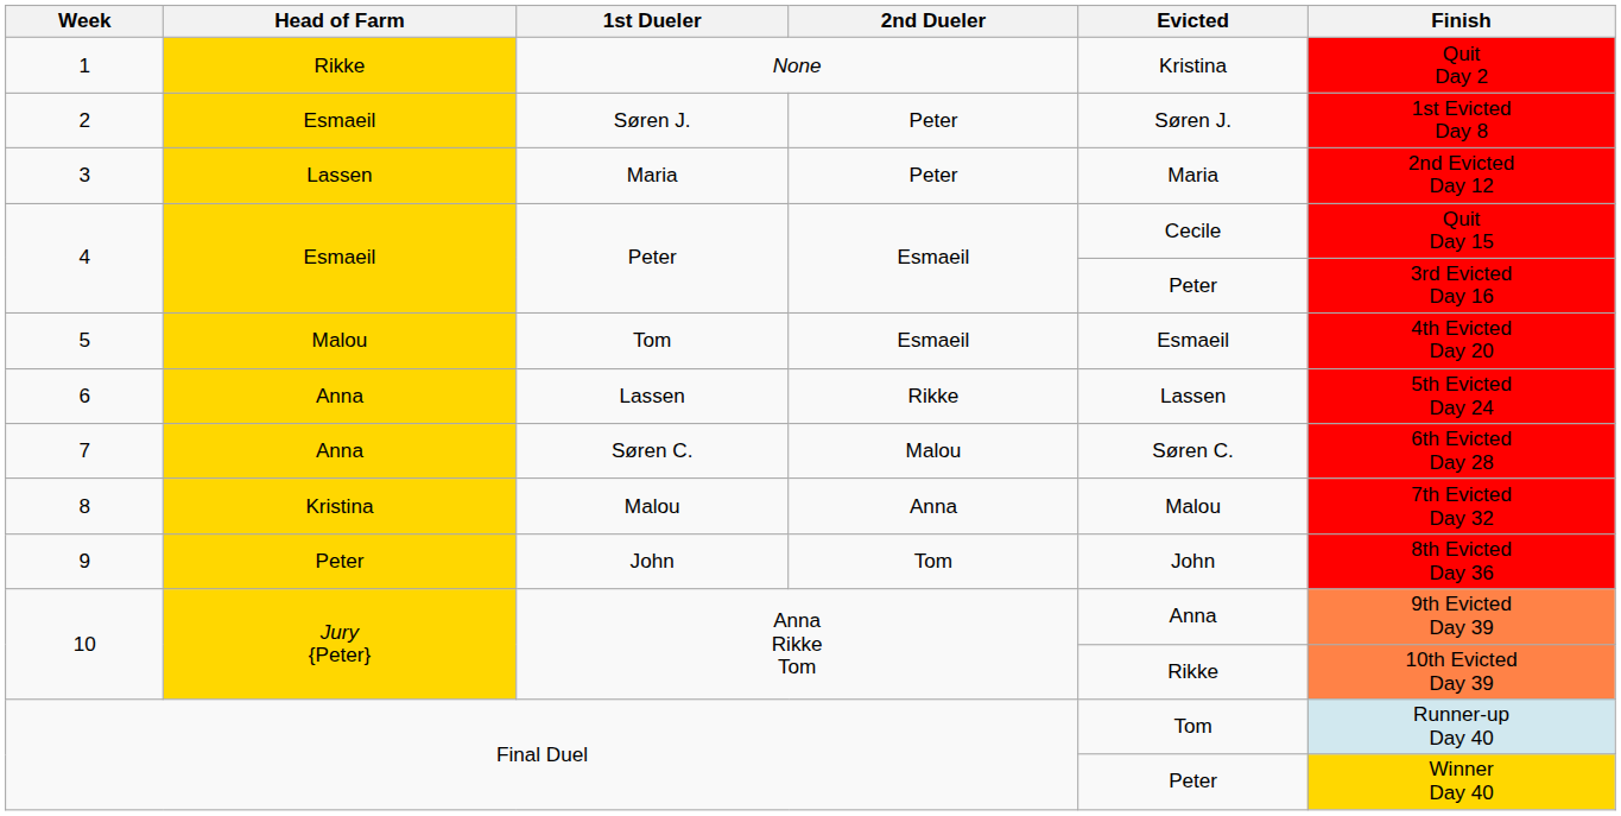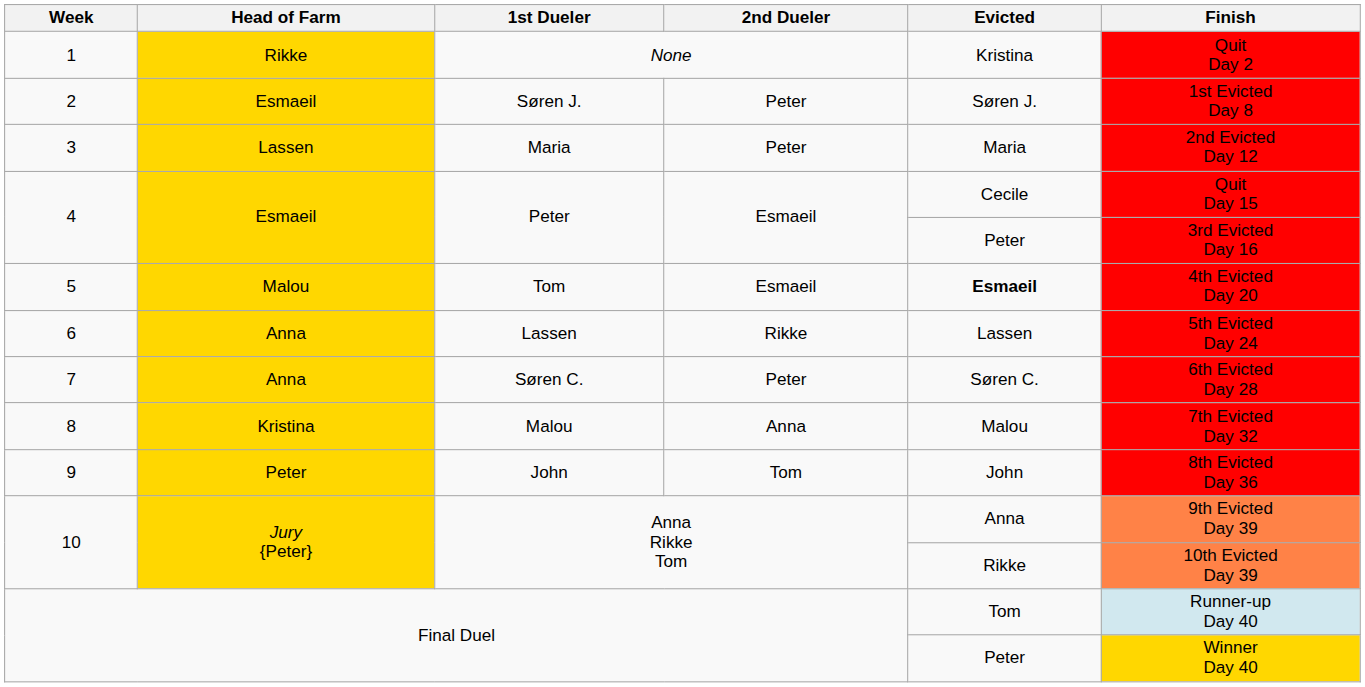 <table class="wikitable" style="font-size:100%; text-align:center; width: 80%; margin-left: auto; margin-right: auto;">
 <tr>
 <th>Week</th>
 <th>Head of Farm</th>
 <th>1st Dueler</th>
 <th>2nd Dueler</th>
 <th>Evicted</th>
 <th>Finish</th>
 </tr>
 <tr>
 <td>1</td>
 <td style="background:gold;">Rikke</td>
 <td colspan="2"><em>None</em></td>
 <td>Kristina</td>
 <td style="background:#ff0000">Quit<br>Day 2</td>
 </tr>
 <tr>
 <td>2</td>
 <td style="background:gold;">Esmaeil</td>
 <td>Søren J.</td>
 <td>Peter</td>
 <td>Søren J.</td>
 <td style="background:#ff0000">1st Evicted<br>Day 8</td>
 </tr>
 <tr>
 <td>3</td>
 <td style="background:gold;">Lassen</td>
 <td>Maria</td>
 <td>Peter</td>
 <td>Maria</td>
 <td style="background:#ff0000">2nd Evicted<br>Day 12</td>
 </tr>
 <tr>
 <td rowspan="2">4</td>
 <td rowspan="2" style="background:gold;">Esmaeil</td>
 <td rowspan="2">Peter</td>
 <td rowspan="2">Esmaeil</td>
 <td rowspan="1">Cecile</td>
 <td rowspan="1" style="background:#ff0000">Quit<br>Day 15</td>
 </tr>
 <tr>
 <td rowspan="1">Peter</td>
 <td rowspan="1" style="background:#ff0000">3rd Evicted<br>Day 16</td>
 </tr>
 <tr>
 <td>5</td>
 <td style="background:gold;">Malou</td>
 <td>Tom</td>
 <td>Esmaeil</td>
-<td>Esmaeil</td>
+<td><strong>Esmaeil</strong></td>
 <td style="background:#ff0000">4th Evicted<br>Day 20</td>
 </tr>
 <tr>
 <td>6</td>
 <td style="background:gold;">Anna</td>
 <td>Lassen</td>
 <td>Rikke</td>
 <td>Lassen</td>
 <td style="background:#ff0000">5th Evicted<br>Day 24</td>
 </tr>
 <tr>
 <td>7</td>
 <td style="background:gold;">Anna</td>
 <td>Søren C.</td>
-<td>Malou</td>
+<td>Peter</td>
 <td>Søren C.</td>
 <td style="background:#ff0000">6th Evicted<br>Day 28</td>
 </tr>
 <tr>
 <td>8</td>
 <td style="background:gold;">Kristina</td>
 <td>Malou</td>
 <td>Anna</td>
 <td>Malou</td>
 <td style="background:#ff0000">7th Evicted<br>Day 32</td>
 </tr>
 <tr>
 <td>9</td>
 <td style="background:gold;">Peter</td>
 <td>John</td>
 <td>Tom</td>
 <td>John</td>
 <td style="background:#ff0000">8th Evicted<br>Day 36</td>
 </tr>
 <tr>
 <td rowspan="2">10</td>
 <td rowspan="2" style="background:gold;"><em>Jury</em><br>{Peter}</td>
 <td colspan="2" rowspan="2">Anna<br>Rikke<br>Tom</td>
 <td>Anna</td>
 <td style="background:#FF8247;">9th Evicted<br>Day 39</td>
 </tr>
 <tr>
 <td>Rikke</td>
 <td style="background:#FF8247;">10th Evicted<br>Day 39</td>
 </tr>
 <tr>
 <td colspan="4" rowspan="2">Final Duel</td>
 <td>Tom</td>
 <td style="background:#D1E8EF;">Runner-up<br>Day 40</td>
 </tr>
 <tr>
 <td>Peter</td>
 <td style="background:gold;">Winner<br>Day 40</td>
 </tr>
 </table>
